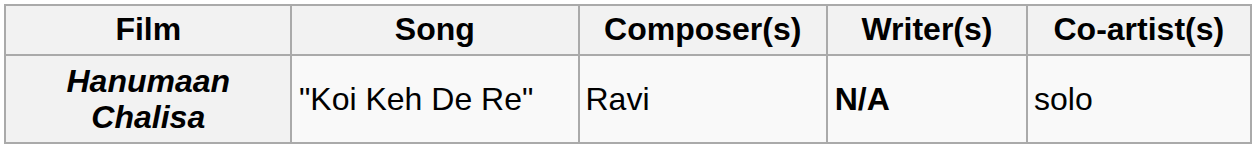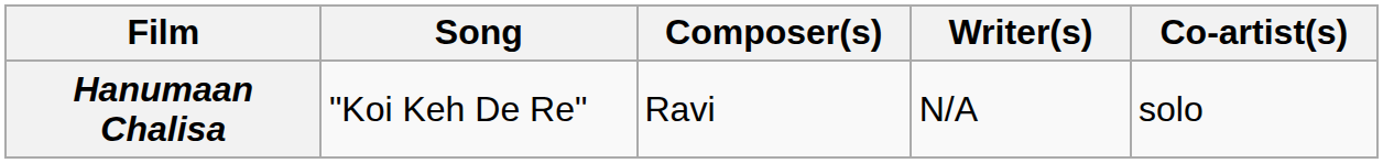 <table class="wikitable plainrowheaders" width="100%" textcolor:#000;">
 <tr style="background:#b0e0e66;">
 <th scope="col" width=23%><strong>Film</strong></th>
 <th scope="col" width=23%><strong>Song</strong></th>
 <th scope="col" width=20%><strong>Composer(s)</strong></th>
 <th scope="col" width=16%><strong>Writer(s)</strong></th>
 <th scope="col" width=18%><strong>Co-artist(s)</strong></th>
 </tr>
 <tr>
 <th><em>Hanumaan Chalisa</em></th>
 <td>"Koi Keh De Re"</td>
 <td>Ravi</td>
-<td><strong>N/A</strong></td>
+<td>N/A</td>
 <td>solo</td>
 </tr>
 <tr>
 </tr>
 </table>
